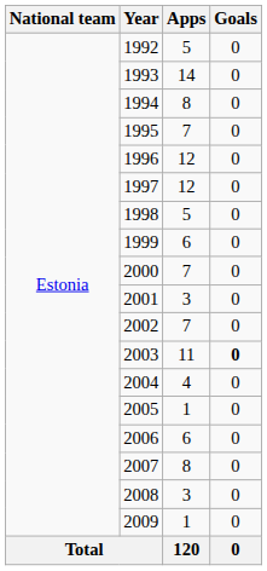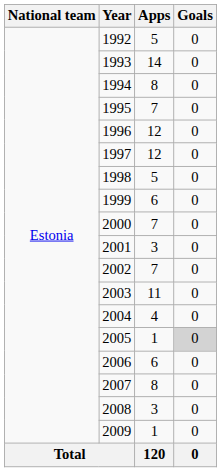 <table class="wikitable" style="text-align: center;">
 <tr>
 <th>National team</th>
 <th>Year</th>
 <th>Apps</th>
 <th>Goals</th>
 </tr>
 <tr>
 <td rowspan="18"><a href='#'>Estonia</a></td>
 <td>1992</td>
 <td>5</td>
 <td>0</td>
 </tr>
 <tr>
 <td>1993</td>
 <td>14</td>
 <td>0</td>
 </tr>
 <tr>
 <td>1994</td>
 <td>8</td>
 <td>0</td>
 </tr>
 <tr>
 <td>1995</td>
 <td>7</td>
 <td>0</td>
 </tr>
 <tr>
 <td>1996</td>
 <td>12</td>
 <td>0</td>
 </tr>
 <tr>
 <td>1997</td>
 <td>12</td>
 <td>0</td>
 </tr>
 <tr>
 <td>1998</td>
 <td>5</td>
 <td>0</td>
 </tr>
 <tr>
 <td>1999</td>
 <td>6</td>
 <td>0</td>
 </tr>
 <tr>
 <td>2000</td>
 <td>7</td>
 <td>0</td>
 </tr>
 <tr>
 <td>2001</td>
 <td>3</td>
 <td>0</td>
 </tr>
 <tr>
 <td>2002</td>
 <td>7</td>
 <td>0</td>
 </tr>
 <tr>
 <td>2003</td>
 <td>11</td>
-<td><strong>0</strong></td>
+<td>0</td>
 </tr>
 <tr>
 <td>2004</td>
 <td>4</td>
 <td>0</td>
 </tr>
 <tr>
 <td>2005</td>
 <td>1</td>
-<td>0</td>
+<td style="background: lightgrey;">0</td>
 </tr>
 <tr>
 <td>2006</td>
 <td>6</td>
 <td>0</td>
 </tr>
 <tr>
 <td>2007</td>
 <td>8</td>
 <td>0</td>
 </tr>
 <tr>
 <td>2008</td>
 <td>3</td>
 <td>0</td>
 </tr>
 <tr>
 <td>2009</td>
 <td>1</td>
 <td>0</td>
 </tr>
 <tr>
 <th colspan="2">Total</th>
 <th>120</th>
 <th>0</th>
 </tr>
 </table>
